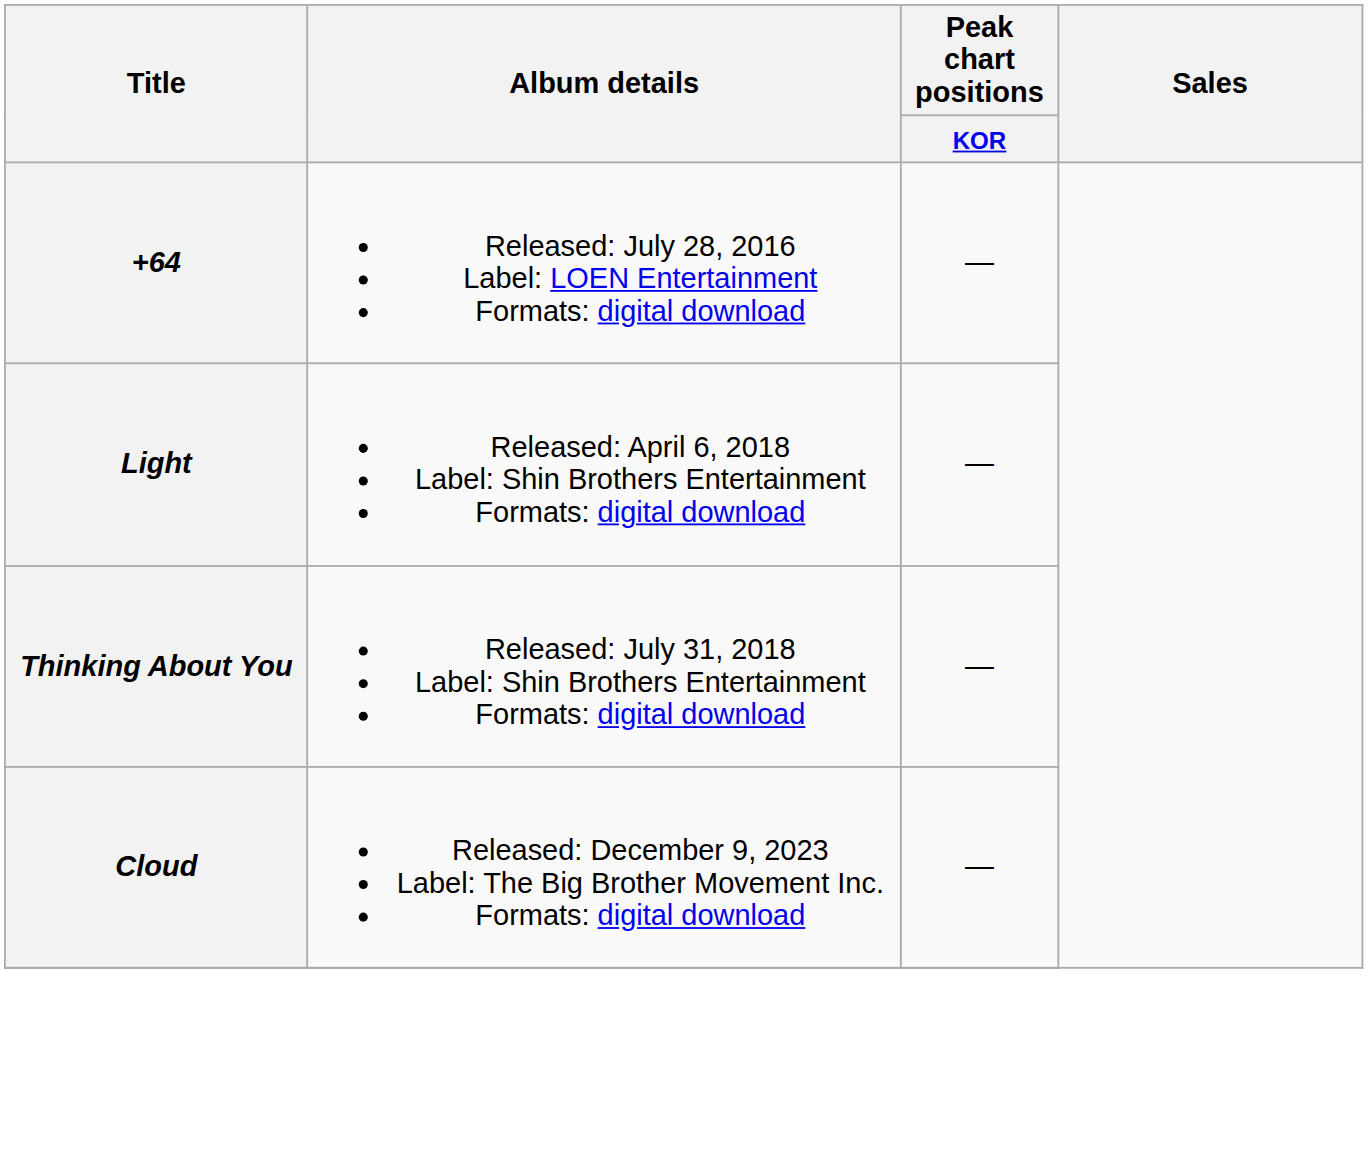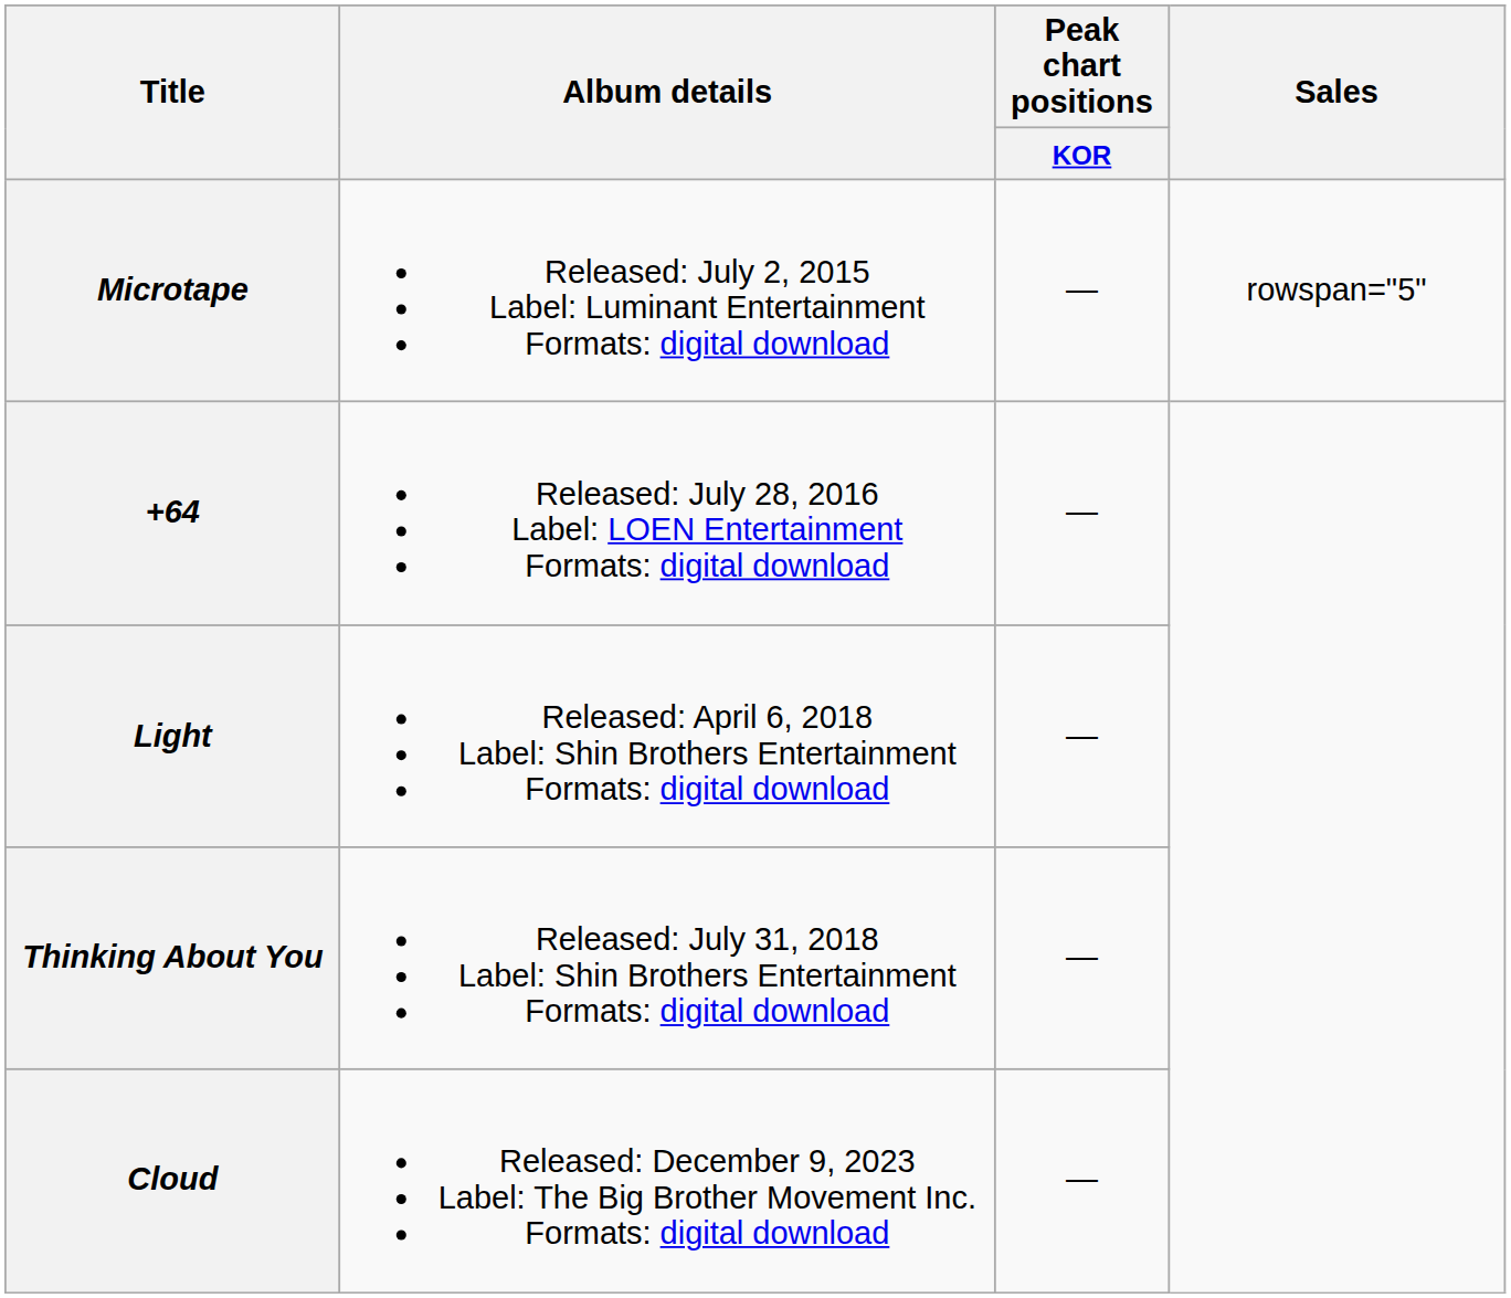 <table class="wikitable plainrowheaders" style="text-align:center;">
 <tr>
 <th scope="col" rowspan="2" style="width:10em;">Title</th>
 <th scope="col" rowspan="2" style="width:20em;">Album details</th>
 <th scope="col" colspan="1" style="width:5em;">Peak chart positions</th>
 <th scope="col" rowspan="2" style="width:10em;">Sales</th>
 </tr>
 <tr>
 <th><small><a href='#'>KOR</a></small><br></th>
+</tr>
+<tr>
+<th scope="row"><em>Microtape</em></th>
+<td><br><ul><li>Released: July 2, 2015</li><li>Label: Luminant Entertainment</li><li>Formats: <a href='#'>digital download</a></li></ul></td>
+<td>—</td>
+<td>rowspan="5" </td>
 </tr>
 <tr>
 <th scope="row"><em>+64</em></th>
 <td><br><ul><li>Released: July 28, 2016</li><li>Label: <a href='#'>LOEN Entertainment</a></li><li>Formats: <a href='#'>digital download</a></li></ul></td>
 <td>—</td>
 </tr>
 <tr>
 <th scope="row"><em>Light</em></th>
 <td><br><ul><li>Released: April 6, 2018</li><li>Label: Shin Brothers Entertainment</li><li>Formats: <a href='#'>digital download</a></li></ul></td>
 <td>—</td>
 </tr>
 <tr>
 <th scope="row"><em>Thinking About You</em></th>
 <td><br><ul><li>Released: July 31, 2018</li><li>Label: Shin Brothers Entertainment</li><li>Formats: <a href='#'>digital download</a></li></ul></td>
 <td>—</td>
 </tr>
 <tr>
 <th scope="row"><em>Cloud</em></th>
 <td><br><ul><li>Released: December 9, 2023</li><li>Label: The Big Brother Movement Inc.</li><li>Formats: <a href='#'>digital download</a></li></ul></td>
 <td>—</td>
 </tr>
 <tr>
 </tr>
 </table>
